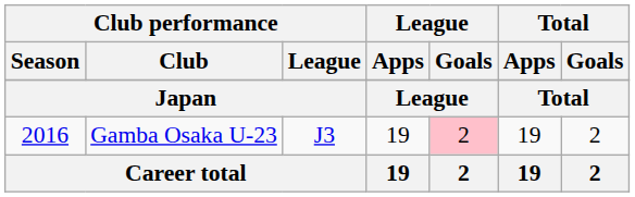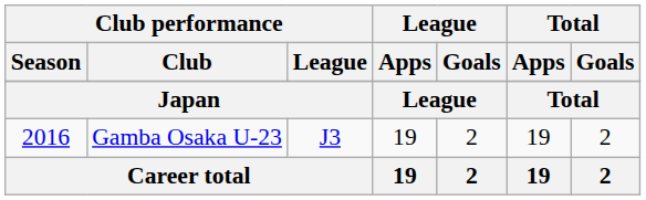 <table class="wikitable" style="text-align:center">
 <tr>
 <th colspan=3>Club performance</th>
 <th colspan=2>League</th>
 <th colspan=2>Total</th>
 </tr>
 <tr>
 <th>Season</th>
 <th>Club</th>
 <th>League</th>
 <th>Apps</th>
 <th>Goals</th>
 <th>Apps</th>
 <th>Goals</th>
 </tr>
 <tr>
 </tr>
 <tr>
 <th colspan=3>Japan</th>
 <th colspan=2>League</th>
 <th colspan=2>Total</th>
 </tr>
 <tr>
 <td><a href='#'>2016</a></td>
 <td rowspan="1"><a href='#'>Gamba Osaka U-23</a></td>
 <td rowspan="1"><a href='#'>J3</a></td>
 <td>19</td>
-<td style="background: pink;">2</td>
+<td>2</td>
 <td>19</td>
 <td>2</td>
 </tr>
 <tr>
 <th colspan=3>Career total</th>
 <th>19</th>
 <th>2</th>
 <th>19</th>
 <th>2</th>
 </tr>
 </table>
